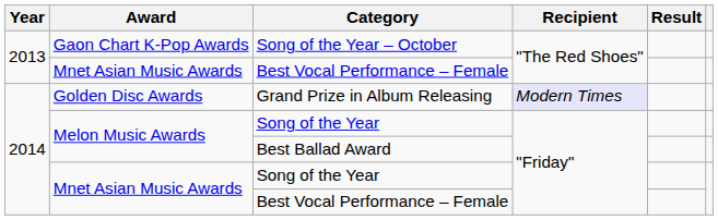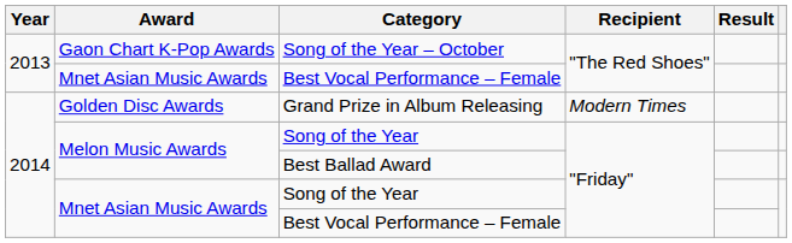 <table class="wikitable sortable">
 <tr>
 <th>Year</th>
 <th>Award</th>
 <th>Category</th>
 <th>Recipient</th>
 <th>Result</th>
 <th class="unsortable"></th>
 </tr>
 <tr>
 <td rowspan="2">2013</td>
 <td><a href='#'>Gaon Chart K-Pop Awards</a></td>
 <td><a href='#'>Song of the Year – October</a></td>
 <td rowspan="2">"The Red Shoes"</td>
 <td></td>
 <td style="text-align:center;"></td>
 </tr>
 <tr>
 <td><a href='#'>Mnet Asian Music Awards</a></td>
 <td><a href='#'>Best Vocal Performance – Female</a></td>
 <td></td>
 <td style="text-align:center"></td>
 </tr>
 <tr>
 <td rowspan="5">2014</td>
 <td><a href='#'>Golden Disc Awards</a></td>
 <td>Grand Prize in Album Releasing</td>
-<td style="background: lavender;"><em>Modern Times</em></td>
+<td><em>Modern Times</em></td>
 <td></td>
 <td style="text-align:center;"></td>
 </tr>
 <tr>
 <td rowspan="2"><a href='#'>Melon Music Awards</a></td>
 <td><a href='#'>Song of the Year</a></td>
 <td rowspan="4">"Friday"</td>
 <td></td>
 <td style="text-align:center;"></td>
 </tr>
 <tr>
 <td>Best Ballad Award</td>
 <td></td>
 <td style="text-align:center;"></td>
 </tr>
 <tr>
 <td rowspan="2"><a href='#'>Mnet Asian Music Awards</a></td>
 <td>Song of the Year</td>
 <td></td>
 <td style="text-align:center;" rowspan="2"></td>
 </tr>
 <tr>
 <td>Best Vocal Performance – Female</td>
 <td></td>
 </tr>
 </table>
